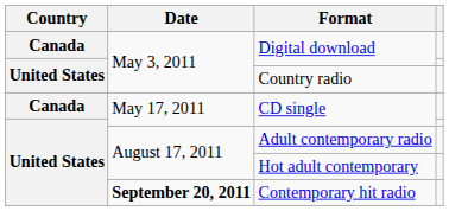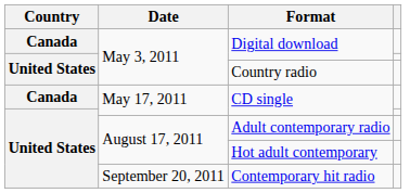 <table class="wikitable plainrowheaders">
 <tr>
 <th scope="col">Country</th>
 <th scope="col">Date</th>
 <th scope="col">Format</th>
 <th scope="col"></th>
 </tr>
 <tr>
 <th scope="row">Canada</th>
 <td rowspan="3">May 3, 2011</td>
 <td rowspan="2"><a href='#'>Digital download</a></td>
 <td></td>
 </tr>
 <tr>
 <th scope="row" rowspan="2">United States</th>
 <td></td>
 </tr>
 <tr>
 <td>Country radio</td>
 <td></td>
 </tr>
 <tr>
 <th scope="row">Canada</th>
 <td rowspan="2">May 17, 2011</td>
 <td rowspan="2"><a href='#'>CD single</a></td>
 <td></td>
 </tr>
 <tr>
 <th scope="row" rowspan="4">United States</th>
 <td></td>
 </tr>
 <tr>
 <td rowspan="2">August 17, 2011</td>
 <td><a href='#'>Adult contemporary radio</a></td>
 <td></td>
 </tr>
 <tr>
 <td><a href='#'>Hot adult contemporary</a></td>
 <td></td>
 </tr>
 <tr>
-<td><strong>September 20, 2011</strong></td>
+<td>September 20, 2011</td>
 <td><a href='#'>Contemporary hit radio</a></td>
 <td></td>
 </tr>
 </table>
